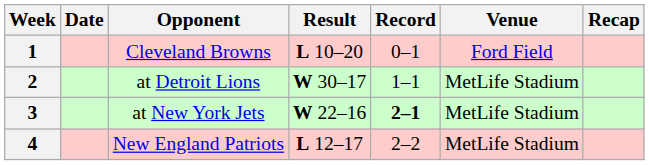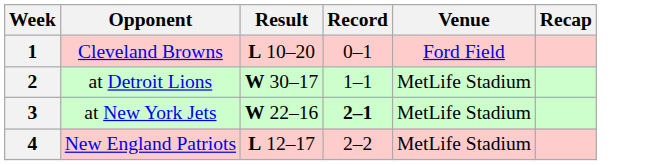 <table class="wikitable" style="text-align:center">
 <tr>
 <th>Week</th>
-<th>Date</th>
 <th>Opponent</th>
 <th>Result</th>
 <th>Record</th>
 <th>Venue</th>
 <th>Recap</th>
 </tr>
 <tr style="background:#fcc">
 <th>1</th>
-<td></td>
 <td><a href='#'>Cleveland Browns</a></td>
 <td><strong>L</strong> 10–20</td>
 <td>0–1</td>
 <td><a href='#'>Ford Field</a></td>
 <td></td>
 </tr>
 <tr style="background:#cfc">
 <th>2</th>
-<td></td>
 <td>at <a href='#'>Detroit Lions</a></td>
 <td><strong>W</strong> 30–17</td>
 <td>1–1</td>
 <td>MetLife Stadium</td>
 <td></td>
 </tr>
 <tr style="background:#cfc">
 <th>3</th>
-<td></td>
 <td>at <a href='#'>New York Jets</a></td>
 <td><strong>W</strong> 22–16</td>
 <td><strong>2–1</strong></td>
 <td>MetLife Stadium</td>
 <td></td>
 </tr>
 <tr style="background:#fcc">
 <th>4</th>
-<td></td>
 <td><a href='#'>New England Patriots</a></td>
 <td><strong>L</strong> 12–17</td>
 <td>2–2</td>
 <td>MetLife Stadium</td>
 <td></td>
 </tr>
 </table>
